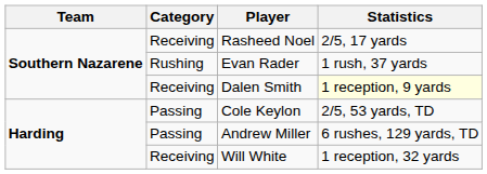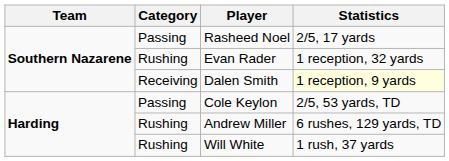 <table class="wikitable" style="float: right;">
 <tr>
 <th>Team</th>
 <th>Category</th>
 <th>Player</th>
 <th>Statistics</th>
 </tr>
 <tr>
 <td rowspan=3><strong>Southern Nazarene</strong></td>
-<td>Receiving</td>
+<td>Passing</td>
 <td>Rasheed Noel</td>
 <td>2/5, 17 yards</td>
 </tr>
 <tr>
 <td>Rushing</td>
 <td>Evan Rader</td>
-<td>1 rush, 37 yards</td>
+<td>1 reception, 32 yards</td>
 </tr>
 <tr>
 <td>Receiving</td>
 <td>Dalen Smith</td>
 <td style="background: lightyellow;">1 reception, 9 yards</td>
 </tr>
 <tr>
 <td rowspan=3><strong>Harding</strong></td>
 <td>Passing</td>
 <td>Cole Keylon</td>
 <td>2/5, 53 yards, TD</td>
 </tr>
 <tr>
-<td>Passing</td>
+<td>Rushing</td>
 <td>Andrew Miller</td>
 <td>6 rushes, 129 yards, TD</td>
 </tr>
 <tr>
-<td>Receiving</td>
+<td>Rushing</td>
 <td>Will White</td>
-<td>1 reception, 32 yards</td>
+<td>1 rush, 37 yards</td>
 </tr>
 </table>
